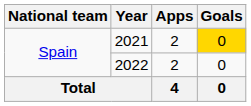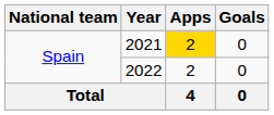 <table class="wikitable" style="text-align:center">
 <tr>
 <th>National team</th>
 <th>Year</th>
 <th>Apps</th>
 <th>Goals</th>
 </tr>
 <tr>
 <td rowspan="2"><a href='#'>Spain</a></td>
 <td>2021</td>
-<td>2</td>
-<td style="background: gold;">0</td>
+<td style="background: gold;">2</td>
+<td>0</td>
 </tr>
 <tr>
 <td>2022</td>
 <td>2</td>
 <td>0</td>
 </tr>
 <tr>
 <th colspan="2">Total</th>
 <th>4</th>
 <th>0</th>
 </tr>
 </table>
